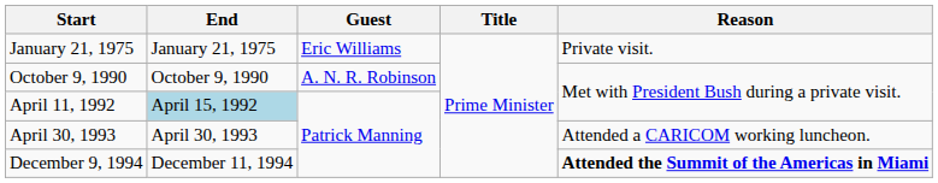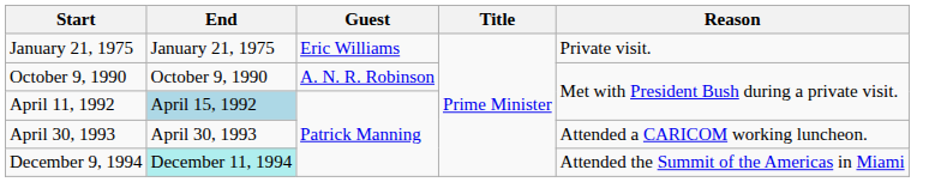 <table class="wikitable sortable">
 <tr>
 <th>Start</th>
 <th>End</th>
 <th>Guest</th>
 <th>Title</th>
 <th>Reason</th>
 </tr>
 <tr>
 <td>January 21, 1975</td>
 <td>January 21, 1975</td>
 <td><a href='#'>Eric Williams</a></td>
 <td rowspan=5><a href='#'>Prime Minister</a></td>
 <td>Private visit.</td>
 </tr>
 <tr>
 <td>October 9, 1990</td>
 <td>October 9, 1990</td>
 <td><a href='#'>A. N. R. Robinson</a></td>
 <td rowspan=2>Met with <a href='#'>President Bush</a> during a private visit.</td>
 </tr>
 <tr>
 <td>April 11, 1992</td>
 <td style="background: lightblue;">April 15, 1992</td>
 <td rowspan=3><a href='#'>Patrick Manning</a></td>
 </tr>
 <tr>
 <td>April 30, 1993</td>
 <td>April 30, 1993</td>
 <td>Attended a <a href='#'>CARICOM</a> working luncheon.</td>
 </tr>
 <tr>
 <td>December 9, 1994</td>
-<td>December 11, 1994</td>
-<td><strong>Attended the <a href='#'>Summit of the Americas</a> in <a href='#'>Miami</a></strong></td>
+<td style="background: paleturquoise;">December 11, 1994</td>
+<td>Attended the <a href='#'>Summit of the Americas</a> in <a href='#'>Miami</a></td>
 </tr>
 </table>
